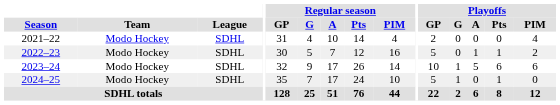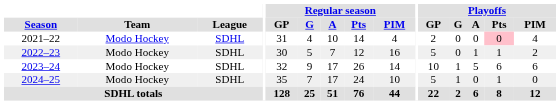 <table border="0" cellpadding="1" cellspacing="0" style="text-align:center; width:50em">
 <tr bgcolor="#e0e0e0">
 <th colspan="3" bgcolor="#ffffff"></th>
 <th rowspan="97" bgcolor="#ffffff"></th>
 <th colspan="5"><a href='#'>Regular season</a></th>
 <th rowspan="97" bgcolor="#ffffff"></th>
 <th colspan="5"><a href='#'>Playoffs</a></th>
 </tr>
 <tr bgcolor="#e0e0e0">
 <th><a href='#'>Season</a></th>
 <th>Team</th>
 <th>League</th>
 <th>GP</th>
 <th><a href='#'>G</a></th>
 <th><a href='#'>A</a></th>
 <th><a href='#'>Pts</a></th>
 <th><a href='#'>PIM</a></th>
 <th>GP</th>
 <th>G</th>
 <th>A</th>
 <th>Pts</th>
 <th>PIM</th>
 </tr>
 <tr>
 <td>2021–22</td>
 <td><a href='#'>Modo Hockey</a></td>
 <td><a href='#'>SDHL</a></td>
 <td>31</td>
 <td>4</td>
 <td>10</td>
 <td>14</td>
 <td>4</td>
 <td>2</td>
 <td>0</td>
 <td>0</td>
-<td>0</td>
+<td style="background: pink;">0</td>
 <td>4</td>
 </tr>
 <tr bgcolor="#f0f0f0">
 <td><a href='#'>2022–23</a></td>
 <td>Modo Hockey</td>
 <td>SDHL</td>
 <td>30</td>
 <td>5</td>
 <td>7</td>
 <td>12</td>
 <td>16</td>
 <td>5</td>
 <td>0</td>
 <td>1</td>
 <td>1</td>
 <td>2</td>
 </tr>
 <tr>
 <td><a href='#'>2023–24</a></td>
 <td>Modo Hockey</td>
 <td>SDHL</td>
 <td>32</td>
 <td>9</td>
 <td>17</td>
 <td>26</td>
 <td>14</td>
 <td>10</td>
 <td>1</td>
 <td>5</td>
 <td>6</td>
 <td>6</td>
 </tr>
 <tr bgcolor="#f0f0f0">
 <td><a href='#'>2024–25</a></td>
 <td>Modo Hockey</td>
 <td>SDHL</td>
 <td>35</td>
 <td>7</td>
 <td>17</td>
 <td>24</td>
 <td>10</td>
 <td>5</td>
 <td>1</td>
 <td>0</td>
 <td>1</td>
 <td>0</td>
 </tr>
 <tr bgcolor="#e0e0e0">
 <th colspan="3">SDHL totals</th>
 <th>128</th>
 <th>25</th>
 <th>51</th>
 <th>76</th>
 <th>44</th>
 <th>22</th>
 <th>2</th>
 <th>6</th>
 <th>8</th>
 <th>12</th>
 </tr>
 </table>
